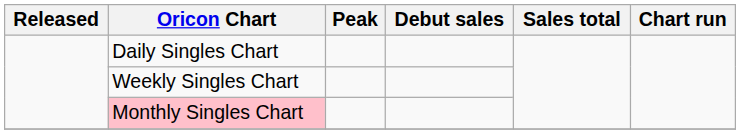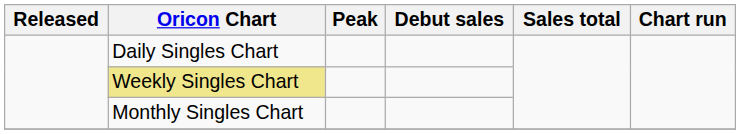 <table class="wikitable" style="width:600px;">
 <tr>
 <th>Released</th>
 <th><a href='#'>Oricon</a> Chart</th>
 <th>Peak</th>
 <th>Debut sales</th>
 <th>Sales total</th>
 <th>Chart run</th>
 </tr>
 <tr>
 <td rowspan="3"></td>
 <td>Daily Singles Chart</td>
 <td></td>
 <td></td>
 <td rowspan="3"></td>
 <td rowspan="3"></td>
 </tr>
 <tr>
-<td align="left">Weekly Singles Chart</td>
+<td align="left" style="background: khaki;">Weekly Singles Chart</td>
 <td></td>
 <td></td>
 </tr>
 <tr>
-<td style="background: pink;">Monthly Singles Chart</td>
+<td>Monthly Singles Chart</td>
 <td></td>
 <td></td>
 </tr>
 <tr>
 </tr>
 </table>
